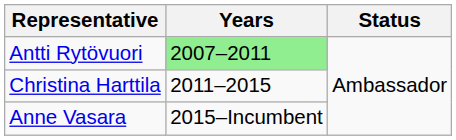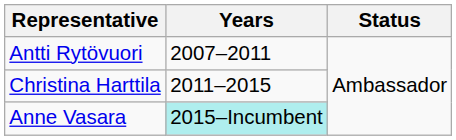 <table class="wikitable sortable">
 <tr>
 <th>Representative</th>
 <th>Years</th>
 <th>Status</th>
 </tr>
 <tr>
 <td><a href='#'>Antti Rytövuori</a></td>
-<td style="background: lightgreen;">2007–2011</td>
+<td>2007–2011</td>
 <td rowspan="3">Ambassador</td>
 </tr>
 <tr>
 <td><a href='#'>Christina Harttila</a></td>
 <td>2011–2015</td>
 </tr>
 <tr>
 <td><a href='#'>Anne Vasara</a></td>
-<td>2015–Incumbent</td>
+<td style="background: paleturquoise;">2015–Incumbent</td>
 </tr>
 </table>
